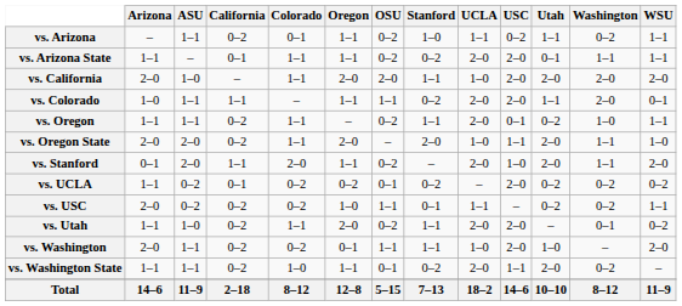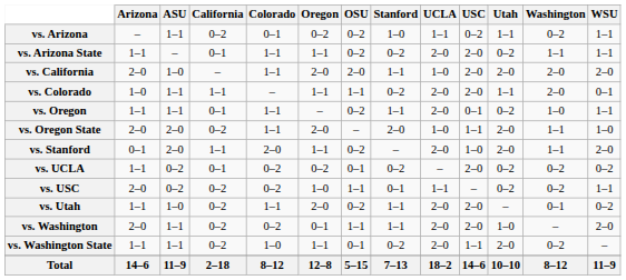 <table class="wikitable" style="white-space:nowrap;font-size:90%;">
 <tr>
 <th colspan=1 style="background:white; border-top-style:hidden; border-left-style:hidden;"   width=110> </th>
 <th>Arizona</th>
 <th>ASU</th>
 <th>California</th>
 <th>Colorado</th>
 <th>Oregon</th>
 <th>OSU</th>
 <th>Stanford</th>
 <th>UCLA</th>
 <th>USC</th>
 <th>Utah</th>
 <th>Washington</th>
 <th>WSU</th>
 </tr>
 <tr style="text-align:center;">
 <th>vs. Arizona</th>
 <td>–</td>
 <td>1–1</td>
 <td>0–2</td>
 <td>0–1</td>
-<td>1–1</td>
+<td>0–2</td>
 <td>0–2</td>
 <td>1–0</td>
 <td>1–1</td>
 <td>0–2</td>
 <td>1–1</td>
 <td>0–2</td>
 <td>1–1</td>
 </tr>
 <tr style="text-align:center;">
 <th>vs. Arizona State</th>
 <td>1–1</td>
 <td>–</td>
 <td>0–1</td>
 <td>1–1</td>
 <td>1–1</td>
 <td>0–2</td>
 <td>0–2</td>
 <td>2–0</td>
 <td>2–0</td>
-<td>0–1</td>
+<td>0–2</td>
 <td>1–1</td>
 <td>1–1</td>
 </tr>
 <tr style="text-align:center;">
 <th>vs. California</th>
 <td>2–0</td>
 <td>1–0</td>
 <td>–</td>
 <td>1–1</td>
 <td>2–0</td>
 <td>2–0</td>
 <td>1–1</td>
 <td>1–0</td>
 <td>2–0</td>
 <td>2–0</td>
 <td>2–0</td>
 <td>2–0</td>
 </tr>
 <tr style="text-align:center;">
 <th>vs. Colorado</th>
 <td>1–0</td>
 <td>1–1</td>
 <td>1–1</td>
 <td>–</td>
 <td>1–1</td>
 <td>1–1</td>
 <td>0–2</td>
 <td>2–0</td>
 <td>2–0</td>
 <td>1–1</td>
 <td>2–0</td>
 <td>0–1</td>
 </tr>
 <tr style="text-align:center;">
 <th>vs. Oregon</th>
 <td>1–1</td>
 <td>1–1</td>
-<td>0–2</td>
+<td>0–1</td>
 <td>1–1</td>
 <td>–</td>
 <td>0–2</td>
 <td>1–1</td>
 <td>2–0</td>
 <td>0–1</td>
 <td>0–2</td>
 <td>1–0</td>
 <td>1–1</td>
 </tr>
 <tr style="text-align:center;">
 <th>vs. Oregon State</th>
 <td>2–0</td>
 <td>2–0</td>
 <td>0–2</td>
 <td>1–1</td>
 <td>2–0</td>
 <td>–</td>
 <td>2–0</td>
 <td>1–0</td>
 <td>1–1</td>
 <td>2–0</td>
 <td>1–1</td>
 <td>1–0</td>
 </tr>
 <tr style="text-align:center;">
 <th>vs. Stanford</th>
 <td>0–1</td>
 <td>2–0</td>
 <td>1–1</td>
 <td>2–0</td>
 <td>1–1</td>
 <td>0–2</td>
 <td>–</td>
 <td>2–0</td>
 <td>1–0</td>
 <td>2–0</td>
 <td>1–1</td>
 <td>2–0</td>
 </tr>
 <tr style="text-align:center;">
 <th>vs. UCLA</th>
 <td>1–1</td>
 <td>0–2</td>
 <td>0–1</td>
 <td>0–2</td>
 <td>0–2</td>
 <td>0–1</td>
 <td>0–2</td>
 <td>–</td>
 <td>2–0</td>
 <td>0–2</td>
 <td>0–2</td>
 <td>0–2</td>
 </tr>
 <tr style="text-align:center;">
 <th>vs. USC</th>
 <td>2–0</td>
 <td>0–2</td>
 <td>0–2</td>
 <td>0–2</td>
 <td>1–0</td>
 <td>1–1</td>
 <td>0–1</td>
 <td>1–1</td>
 <td>–</td>
 <td>0–2</td>
 <td>0–2</td>
 <td>1–1</td>
 </tr>
 <tr style="text-align:center;">
 <th>vs. Utah</th>
 <td>1–1</td>
 <td>1–0</td>
 <td>0–2</td>
 <td>1–1</td>
 <td>2–0</td>
 <td>0–2</td>
 <td>1–1</td>
 <td>2–0</td>
 <td>2–0</td>
 <td>–</td>
 <td>0–1</td>
 <td>0–2</td>
 </tr>
 <tr style="text-align:center;">
 <th>vs. Washington</th>
 <td>2–0</td>
 <td>1–1</td>
 <td>0–2</td>
 <td>0–2</td>
 <td>0–1</td>
 <td>1–1</td>
 <td>1–1</td>
-<td>1–0</td>
+<td>2–0</td>
 <td>2–0</td>
 <td>1–0</td>
 <td>–</td>
 <td>2–0</td>
 </tr>
 <tr style="text-align:center;">
 <th>vs. Washington State</th>
 <td>1–1</td>
 <td>1–1</td>
 <td>0–2</td>
 <td>1–0</td>
 <td>1–1</td>
 <td>0–1</td>
 <td>0–2</td>
 <td>2–0</td>
 <td>1–1</td>
 <td>2–0</td>
 <td>0–2</td>
 <td>–</td>
 </tr>
 <tr style="text-align:center;">
 </tr>
 <tr style="text-align:center;">
 <th>Total</th>
 <th>14–6</th>
 <th>11–9</th>
 <th>2–18</th>
 <th>8–12</th>
 <th>12–8</th>
 <th>5–15</th>
 <th>7–13</th>
 <th>18–2</th>
 <th>14–6</th>
 <th>10–10</th>
 <th>8–12</th>
 <th>11–9</th>
 </tr>
 </table>
